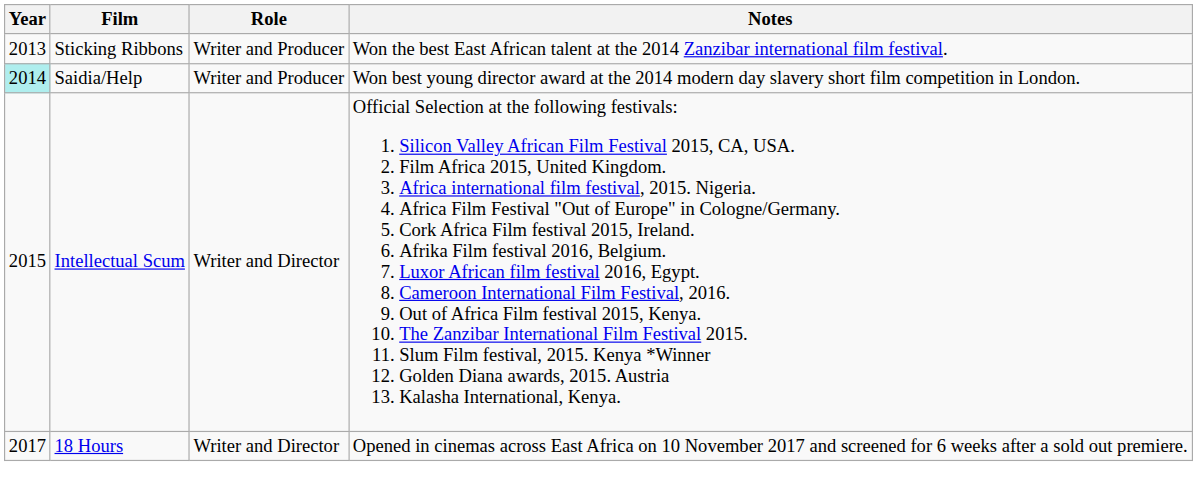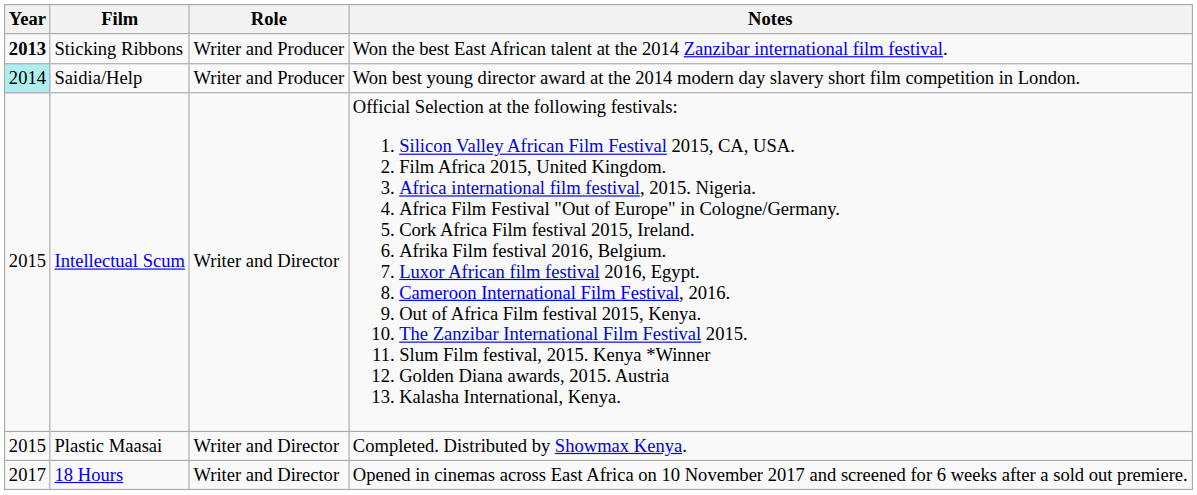 <table class="wikitable sortable">
 <tr>
 <th>Year</th>
 <th>Film</th>
 <th>Role</th>
 <th>Notes</th>
 </tr>
 <tr>
-<td>2013</td>
+<td><strong>2013</strong></td>
 <td>Sticking Ribbons</td>
 <td>Writer and Producer</td>
 <td>Won the best East African talent at the 2014 <a href='#'>Zanzibar international film festival</a>.</td>
 </tr>
 <tr>
 <td style="background: paleturquoise;">2014</td>
 <td>Saidia/Help</td>
 <td>Writer and Producer</td>
 <td>Won best young director award at the 2014 modern day slavery short film competition in London.</td>
 </tr>
 <tr>
 <td>2015</td>
 <td><a href='#'>Intellectual Scum</a></td>
 <td>Writer and Director</td>
 <td>Official Selection at the following festivals:<br><ol><li><a href='#'>Silicon Valley African Film Festival</a> 2015, CA, USA.</li><li>Film Africa 2015, United Kingdom.</li><li><a href='#'>Africa international film festival</a>, 2015. Nigeria.</li><li>Africa Film Festival "Out of Europe" in Cologne/Germany.</li><li>Cork Africa Film festival 2015, Ireland.</li><li>Afrika Film festival 2016, Belgium.</li><li><a href='#'>Luxor African film festival</a> 2016, Egypt.</li><li><a href='#'>Cameroon International Film Festival</a>, 2016.</li><li>Out of Africa Film festival 2015, Kenya.</li><li><a href='#'>The Zanzibar International Film Festival</a> 2015.</li><li>Slum Film festival, 2015. Kenya *Winner</li><li>Golden Diana awards, 2015. Austria</li><li>Kalasha International, Kenya.</li></ol></td>
 </tr>
 <tr>
+<td>2015</td>
+<td>Plastic Maasai</td>
+<td>Writer and Director</td>
+<td>Completed. Distributed by <a href='#'>Showmax Kenya</a>.</td>
+</tr>
+<tr>
 <td>2017</td>
 <td><a href='#'>18 Hours</a></td>
 <td>Writer and Director</td>
 <td>Opened in cinemas across East Africa on 10 November 2017 and screened for 6 weeks after a sold out premiere.</td>
 </tr>
 </table>
